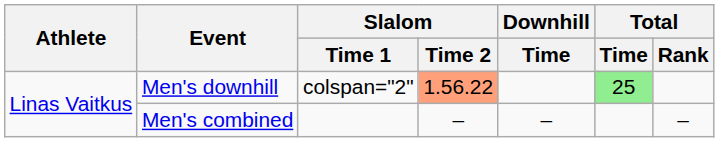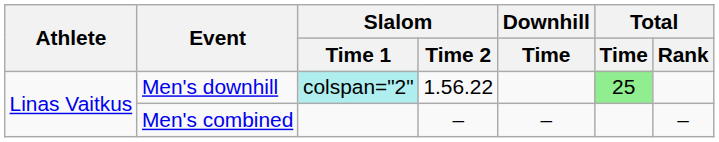 <table class="wikitable" style="font-size:90%">
 <tr>
 <th rowspan="2">Athlete</th>
 <th rowspan="2">Event</th>
 <th colspan="2">Slalom</th>
 <th>Downhill</th>
 <th colspan="2">Total</th>
 </tr>
 <tr>
 <th>Time 1</th>
 <th>Time 2</th>
 <th>Time</th>
 <th>Time</th>
 <th>Rank</th>
 </tr>
 <tr>
 <td rowspan="2"><a href='#'>Linas Vaitkus</a></td>
 <td><a href='#'>Men's downhill</a></td>
-<td>colspan="2" </td>
-<td align="center" style="background: lightsalmon;">1.56.22</td>
+<td style="background: paleturquoise;">colspan="2" </td>
+<td align="center">1.56.22</td>
 <td></td>
 <td align="center" style="background: lightgreen;">25</td>
 </tr>
 <tr>
 <td><a href='#'>Men's combined</a></td>
 <td align="center"></td>
 <td align="center">–</td>
 <td align="center">–</td>
 <td align="center"></td>
 <td align="center">–</td>
 </tr>
 </table>
